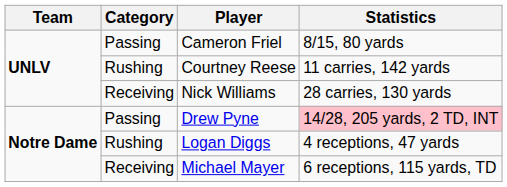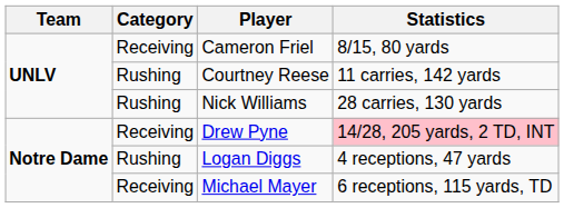 <table class="wikitable" style="float: right;">
 <tr>
 <th>Team</th>
 <th>Category</th>
 <th>Player</th>
 <th>Statistics</th>
 </tr>
 <tr>
 <td rowspan=3><strong>UNLV</strong></td>
-<td>Passing</td>
+<td>Receiving</td>
 <td>Cameron Friel</td>
 <td>8/15, 80 yards</td>
 </tr>
 <tr>
 <td>Rushing</td>
 <td>Courtney Reese</td>
 <td>11 carries, 142 yards</td>
 </tr>
 <tr>
-<td>Receiving</td>
+<td>Rushing</td>
 <td>Nick Williams</td>
 <td>28 carries, 130 yards</td>
 </tr>
 <tr>
 <td rowspan=3><strong>Notre Dame</strong></td>
-<td>Passing</td>
+<td>Receiving</td>
 <td><a href='#'>Drew Pyne</a></td>
 <td style="background: pink;">14/28, 205 yards, 2 TD, INT</td>
 </tr>
 <tr>
 <td>Rushing</td>
 <td><a href='#'>Logan Diggs</a></td>
 <td>4 receptions, 47 yards</td>
 </tr>
 <tr>
 <td>Receiving</td>
 <td><a href='#'>Michael Mayer</a></td>
 <td>6 receptions, 115 yards, TD</td>
 </tr>
 </table>
